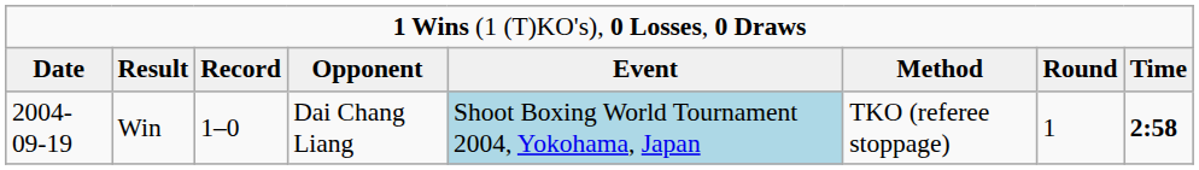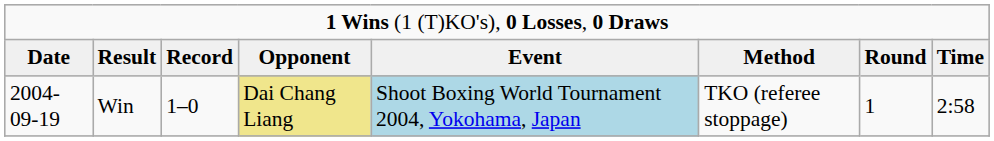 <table class="wikitable" style="margin:0.5em auto; font-size:85%">
 <tr>
 <td style="text-align: center" colspan=8><strong>1 Wins</strong> (1 (T)KO's), <strong>0 Losses</strong>, <strong>0 Draws</strong></td>
 </tr>
 <tr>
 <th style="border-style: none none solid solid; background: #f0f0f0">Date</th>
 <th style="border-style: none none solid solid; background: #f0f0f0">Result</th>
 <th style="border-style: none none solid solid; background: #f0f0f0">Record</th>
 <th style="border-style: none none solid solid; background: #f0f0f0">Opponent</th>
 <th style="border-style: none none solid solid; background: #f0f0f0">Event</th>
 <th style="border-style: none none solid solid; background: #f0f0f0">Method</th>
 <th style="border-style: none none solid solid; background: #f0f0f0">Round</th>
 <th style="border-style: none none solid solid; background: #f0f0f0">Time</th>
 </tr>
 <tr>
 <td>2004-09-19</td>
 <td>Win</td>
 <td>1–0</td>
-<td>  Dai Chang Liang</td>
+<td style="background: khaki;">  Dai Chang Liang</td>
 <td style="background: lightblue;">Shoot Boxing World Tournament 2004, <a href='#'>Yokohama</a>, <a href='#'>Japan</a></td>
 <td>TKO (referee stoppage)</td>
 <td>1</td>
-<td><strong>2:58</strong></td>
+<td>2:58</td>
 </tr>
 </table>
